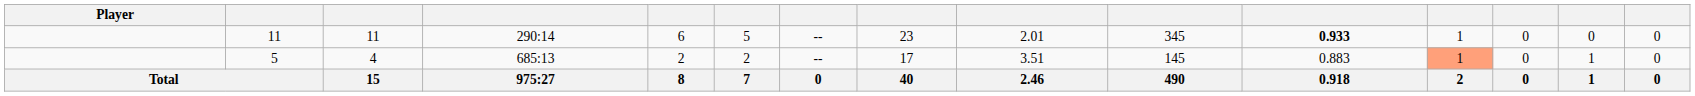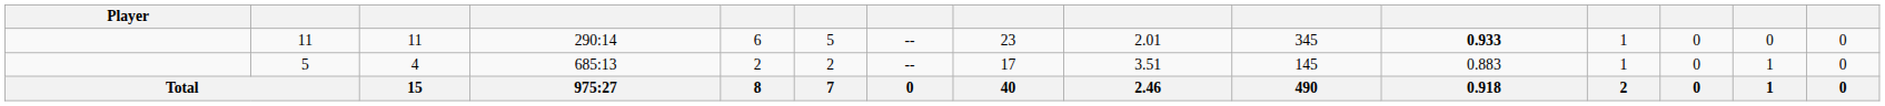 <table class="wikitable sortable" style="width:100%; text-align:center;">
 <tr>
 <th>Player</th>
 <th></th>
 <th></th>
 <th></th>
 <th></th>
 <th></th>
 <th></th>
 <th></th>
 <th></th>
 <th></th>
 <th></th>
 <th></th>
 <th></th>
 <th></th>
 <th></th>
 </tr>
 <tr>
 <td></td>
 <td>11</td>
 <td>11</td>
 <td>290:14</td>
 <td>6</td>
 <td>5</td>
 <td>--</td>
 <td>23</td>
 <td>2.01</td>
 <td>345</td>
 <td><strong>0.933</strong></td>
 <td>1</td>
 <td>0</td>
 <td>0</td>
 <td>0</td>
 </tr>
 <tr>
 <td></td>
 <td>5</td>
 <td>4</td>
 <td>685:13</td>
 <td>2</td>
 <td>2</td>
 <td>--</td>
 <td>17</td>
 <td>3.51</td>
 <td>145</td>
 <td>0.883</td>
-<td style="background: lightsalmon;">1</td>
+<td>1</td>
 <td>0</td>
 <td>1</td>
 <td>0</td>
 </tr>
 <tr class="sortbottom">
 <th colspan=2>Total</th>
 <th>15</th>
 <th>975:27</th>
 <th>8</th>
 <th>7</th>
 <th>0</th>
 <th>40</th>
 <th>2.46</th>
 <th>490</th>
 <th>0.918</th>
 <th>2</th>
 <th>0</th>
 <th>1</th>
 <th>0</th>
 </tr>
 </table>
